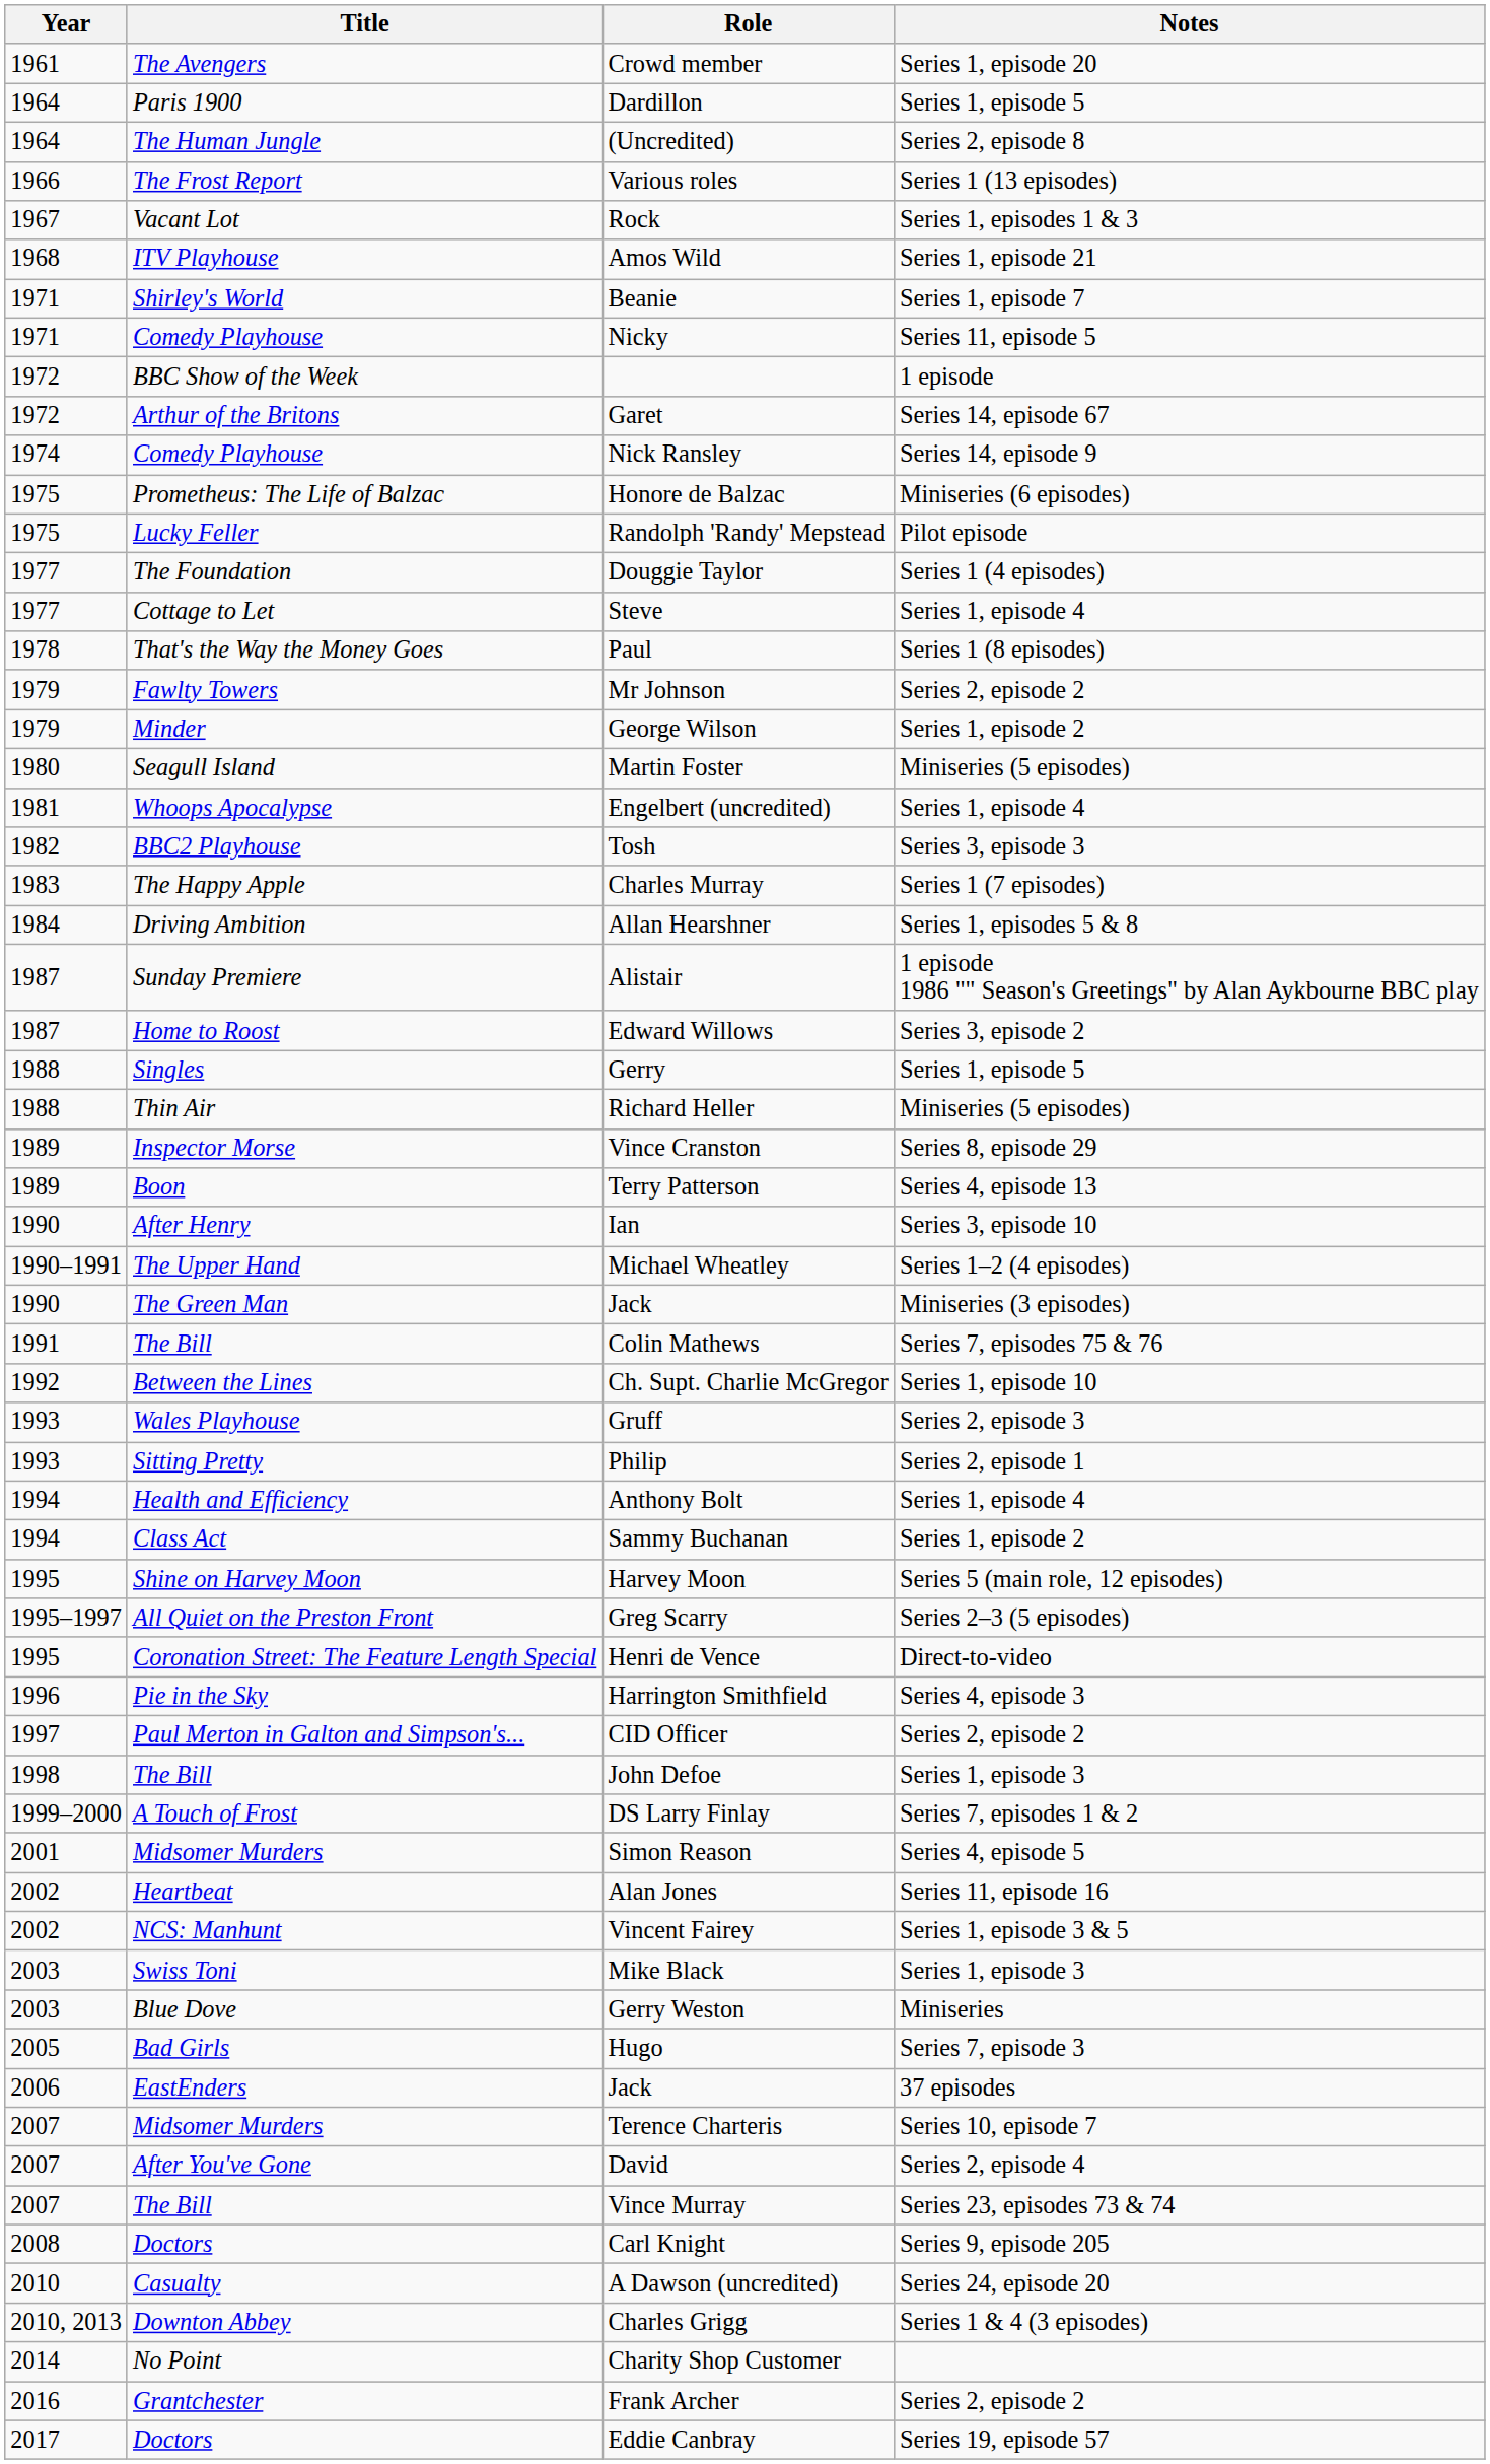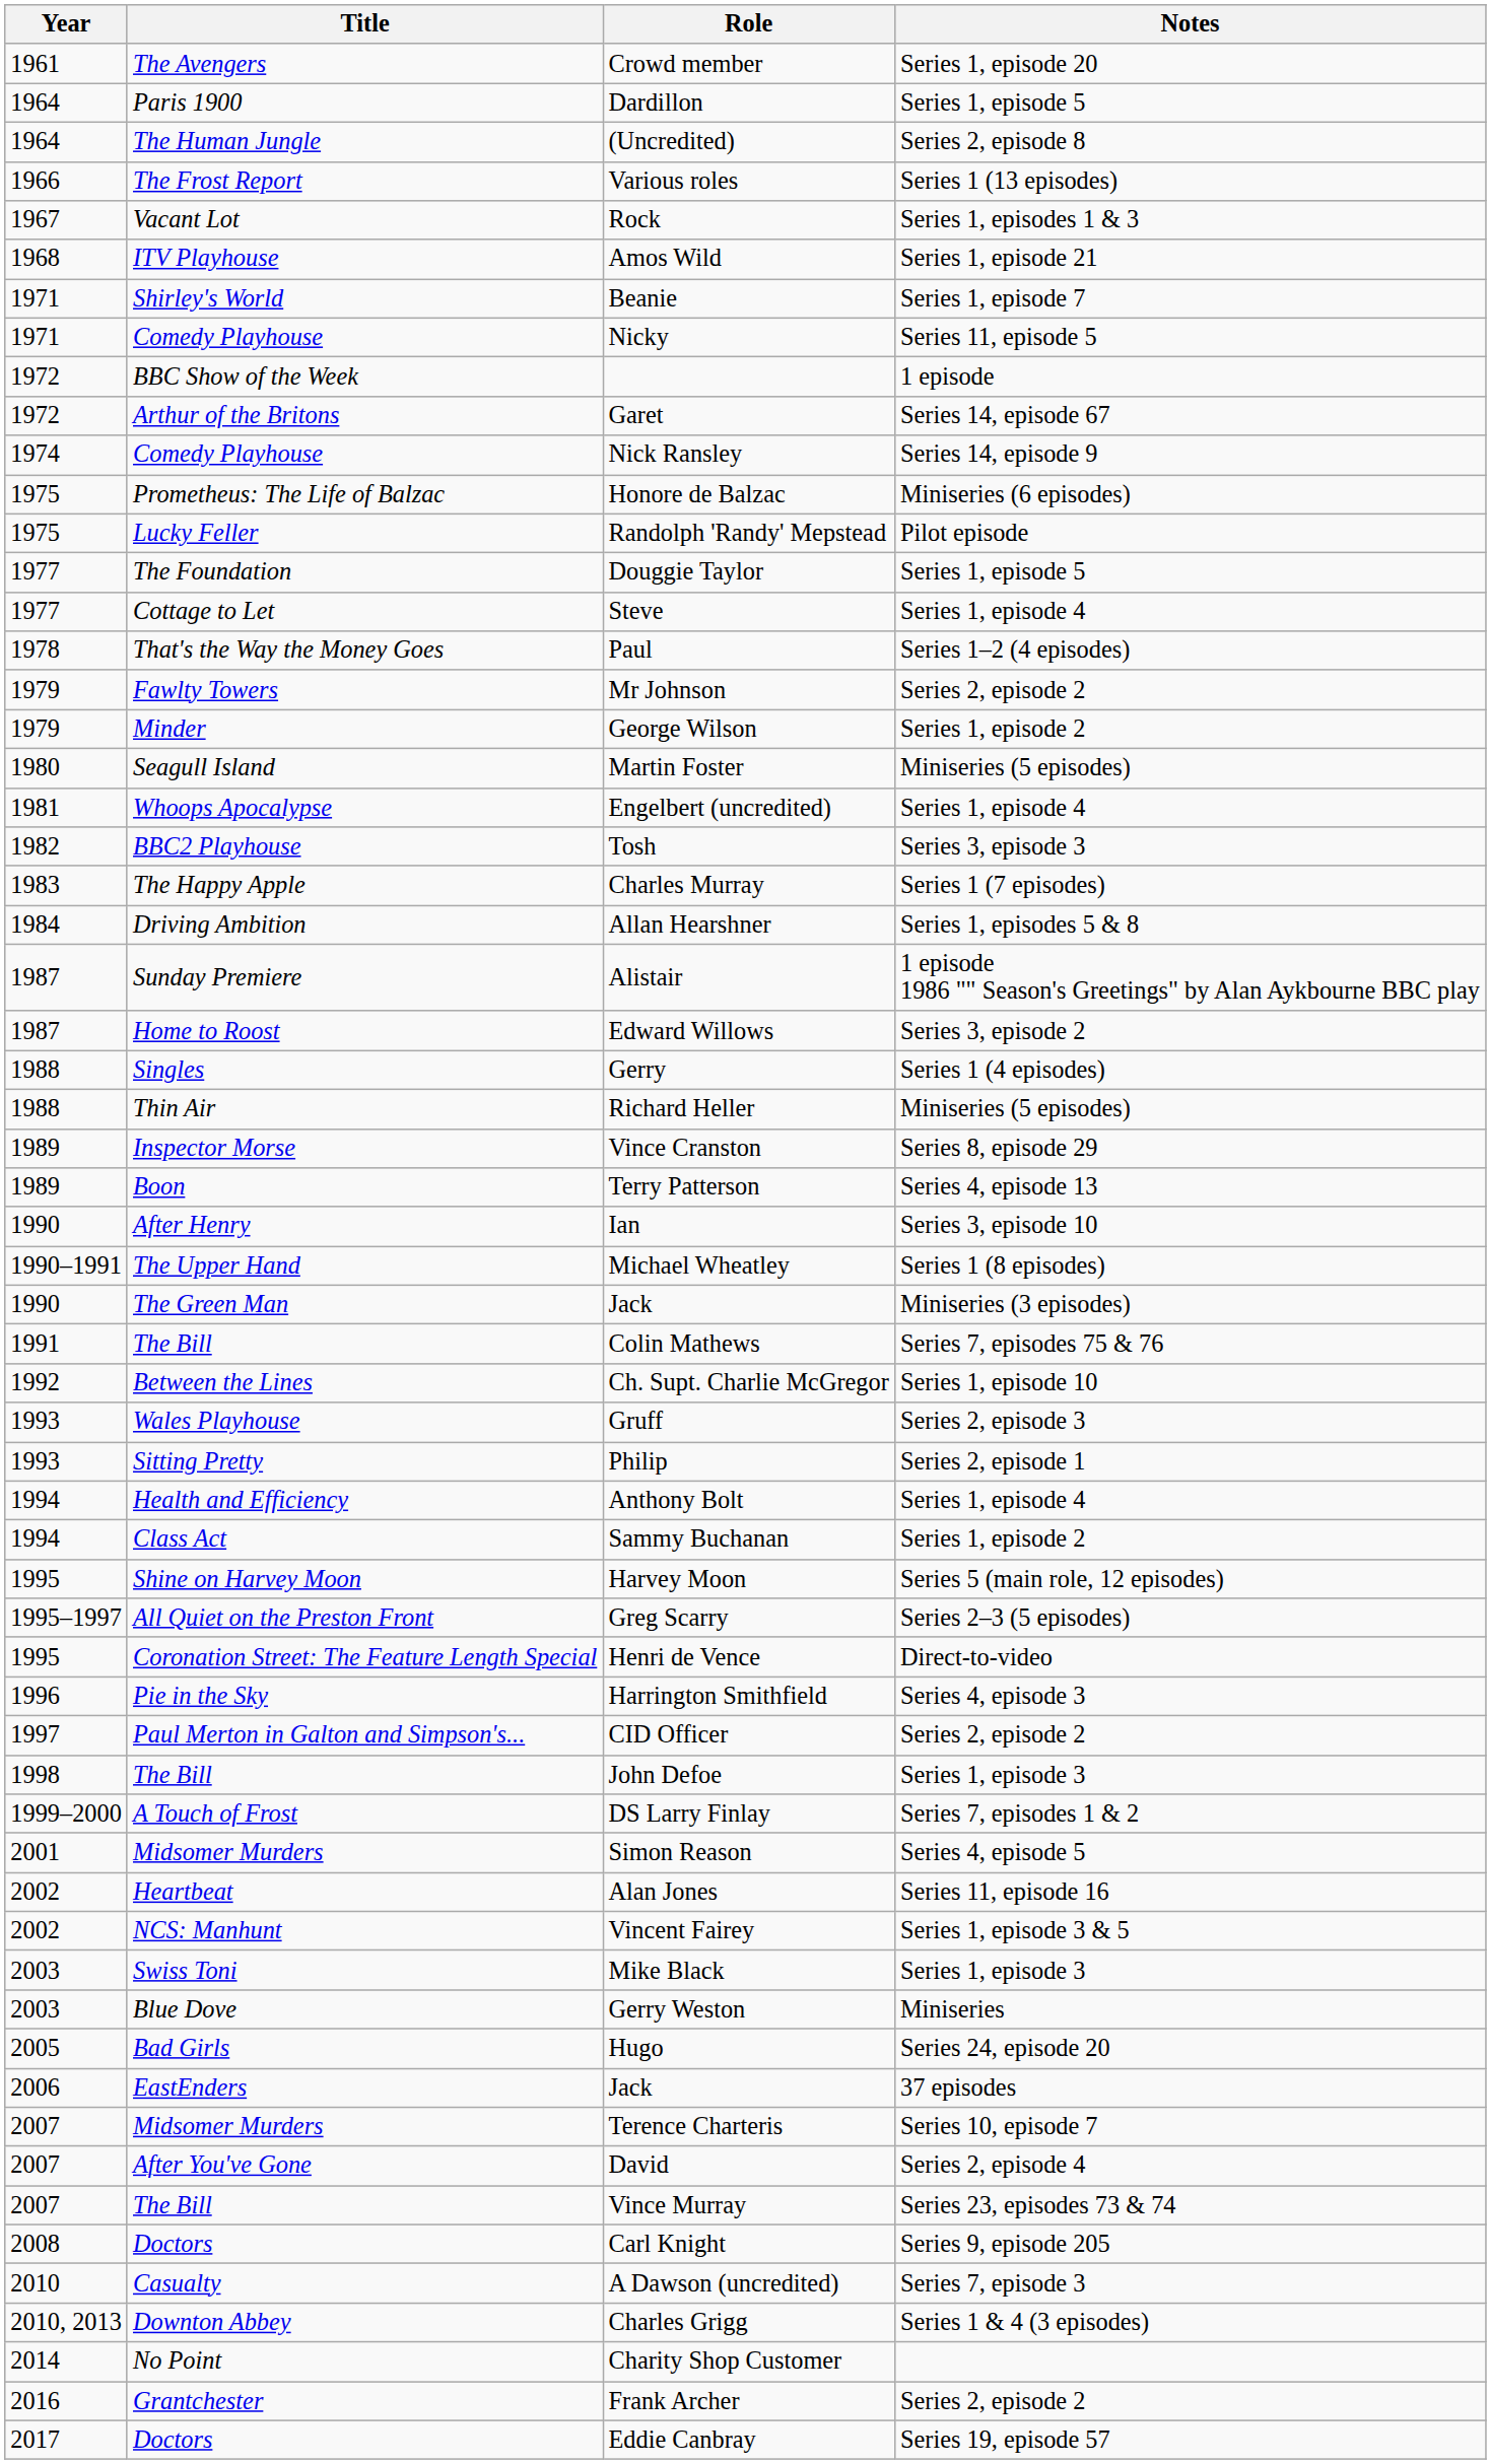 <table class="wikitable">
 <tr>
 <th>Year</th>
 <th>Title</th>
 <th>Role</th>
 <th>Notes</th>
 </tr>
 <tr>
 <td>1961</td>
 <td><em><a href='#'>The Avengers</a></em></td>
 <td>Crowd member</td>
 <td>Series 1, episode 20</td>
 </tr>
 <tr>
 <td>1964</td>
 <td><em>Paris 1900</em></td>
 <td>Dardillon</td>
 <td>Series 1, episode 5</td>
 </tr>
 <tr>
 <td>1964</td>
 <td><em><a href='#'>The Human Jungle</a></em></td>
 <td>(Uncredited)</td>
 <td>Series 2, episode 8</td>
 </tr>
 <tr>
 <td>1966</td>
 <td><em><a href='#'>The Frost Report</a></em></td>
 <td>Various roles</td>
 <td>Series 1 (13 episodes)</td>
 </tr>
 <tr>
 <td>1967</td>
 <td><em>Vacant Lot</em></td>
 <td>Rock</td>
 <td>Series 1, episodes 1 & 3</td>
 </tr>
 <tr>
 <td>1968</td>
 <td><em><a href='#'>ITV Playhouse</a></em></td>
 <td>Amos Wild</td>
 <td>Series 1, episode 21</td>
 </tr>
 <tr>
 <td>1971</td>
 <td><em><a href='#'>Shirley's World</a></em></td>
 <td>Beanie</td>
 <td>Series 1, episode 7</td>
 </tr>
 <tr>
 <td>1971</td>
 <td><em><a href='#'>Comedy Playhouse</a></em></td>
 <td>Nicky</td>
 <td>Series 11, episode 5</td>
 </tr>
 <tr>
 <td>1972</td>
 <td><em>BBC Show of the Week</em></td>
 <td></td>
 <td>1 episode</td>
 </tr>
 <tr>
 <td>1972</td>
 <td><em><a href='#'>Arthur of the Britons</a></em></td>
 <td>Garet</td>
 <td>Series 14, episode 67</td>
 </tr>
 <tr>
 <td>1974</td>
 <td><em><a href='#'>Comedy Playhouse</a></em></td>
 <td>Nick Ransley</td>
 <td>Series 14, episode 9</td>
 </tr>
 <tr>
 <td>1975</td>
 <td><em>Prometheus: The Life of Balzac</em></td>
 <td>Honore de Balzac</td>
 <td>Miniseries (6 episodes)</td>
 </tr>
 <tr>
 <td>1975</td>
 <td><em><a href='#'>Lucky Feller</a></em></td>
 <td>Randolph 'Randy' Mepstead</td>
 <td>Pilot episode</td>
 </tr>
 <tr>
 <td>1977</td>
 <td><em>The Foundation</em></td>
 <td>Douggie Taylor</td>
-<td>Series 1 (4 episodes)</td>
+<td>Series 1, episode 5</td>
 </tr>
 <tr>
 <td>1977</td>
 <td><em>Cottage to Let</em></td>
 <td>Steve</td>
 <td>Series 1, episode 4</td>
 </tr>
 <tr>
 <td>1978</td>
 <td><em>That's the Way the Money Goes</em></td>
 <td>Paul</td>
-<td>Series 1 (8 episodes)</td>
+<td>Series 1–2 (4 episodes)</td>
 </tr>
 <tr>
 <td>1979</td>
 <td><em><a href='#'>Fawlty Towers</a></em></td>
 <td>Mr Johnson</td>
 <td>Series 2, episode 2</td>
 </tr>
 <tr>
 <td>1979</td>
 <td><em><a href='#'>Minder</a></em></td>
 <td>George Wilson</td>
 <td>Series 1, episode 2</td>
 </tr>
 <tr>
 <td>1980</td>
 <td><em>Seagull Island</em></td>
 <td>Martin Foster</td>
 <td>Miniseries (5 episodes)</td>
 </tr>
 <tr>
 <td>1981</td>
 <td><em><a href='#'>Whoops Apocalypse</a></em></td>
 <td>Engelbert (uncredited)</td>
 <td>Series 1, episode 4</td>
 </tr>
 <tr>
 <td>1982</td>
 <td><em><a href='#'>BBC2 Playhouse</a></em></td>
 <td>Tosh</td>
 <td>Series 3, episode 3</td>
 </tr>
 <tr>
 <td>1983</td>
 <td><em>The Happy Apple</em></td>
 <td>Charles Murray</td>
 <td>Series 1 (7 episodes)</td>
 </tr>
 <tr>
 <td>1984</td>
 <td><em>Driving Ambition</em></td>
 <td>Allan Hearshner</td>
 <td>Series 1, episodes 5 & 8</td>
 </tr>
 <tr>
 <td>1987</td>
 <td><em>Sunday Premiere</em></td>
 <td>Alistair</td>
 <td>1 episode<br>1986 "" Season's Greetings" by Alan Aykbourne BBC play</td>
 </tr>
 <tr>
 <td>1987</td>
 <td><em><a href='#'>Home to Roost</a></em></td>
 <td>Edward Willows</td>
 <td>Series 3, episode 2</td>
 </tr>
 <tr>
 <td>1988</td>
 <td><em><a href='#'>Singles</a></em></td>
 <td>Gerry</td>
-<td>Series 1, episode 5</td>
+<td>Series 1 (4 episodes)</td>
 </tr>
 <tr>
 <td>1988</td>
 <td><em>Thin Air</em></td>
 <td>Richard Heller</td>
 <td>Miniseries (5 episodes)</td>
 </tr>
 <tr>
 <td>1989</td>
 <td><em><a href='#'>Inspector Morse</a></em></td>
 <td>Vince Cranston</td>
 <td>Series 8, episode 29</td>
 </tr>
 <tr>
 <td>1989</td>
 <td><em><a href='#'>Boon</a></em></td>
 <td>Terry Patterson</td>
 <td>Series 4, episode 13</td>
 </tr>
 <tr>
 <td>1990</td>
 <td><em><a href='#'>After Henry</a></em></td>
 <td>Ian</td>
 <td>Series 3, episode 10</td>
 </tr>
 <tr>
 <td>1990–1991</td>
 <td><em><a href='#'>The Upper Hand</a></em></td>
 <td>Michael Wheatley</td>
-<td>Series 1–2 (4 episodes)</td>
+<td>Series 1 (8 episodes)</td>
 </tr>
 <tr>
 <td>1990</td>
 <td><em><a href='#'>The Green Man</a></em></td>
 <td>Jack</td>
 <td>Miniseries (3 episodes)</td>
 </tr>
 <tr>
 <td>1991</td>
 <td><em><a href='#'>The Bill</a></em></td>
 <td>Colin Mathews</td>
 <td>Series 7, episodes 75 & 76</td>
 </tr>
 <tr>
 <td>1992</td>
 <td><em><a href='#'>Between the Lines</a></em></td>
 <td>Ch. Supt. Charlie McGregor</td>
 <td>Series 1, episode 10</td>
 </tr>
 <tr>
 <td>1993</td>
 <td><em><a href='#'>Wales Playhouse</a></em></td>
 <td>Gruff</td>
 <td>Series 2, episode 3</td>
 </tr>
 <tr>
 <td>1993</td>
 <td><em> <a href='#'>Sitting Pretty</a></em></td>
 <td>Philip</td>
 <td>Series 2, episode 1</td>
 </tr>
 <tr>
 <td>1994</td>
 <td><em> <a href='#'>Health and Efficiency</a></em></td>
 <td>Anthony Bolt</td>
 <td>Series 1, episode 4</td>
 </tr>
 <tr>
 <td>1994</td>
 <td><em><a href='#'>Class Act</a></em></td>
 <td>Sammy Buchanan</td>
 <td>Series 1, episode 2</td>
 </tr>
 <tr>
 <td>1995</td>
 <td><em><a href='#'>Shine on Harvey Moon</a></em></td>
 <td>Harvey Moon</td>
 <td>Series 5 (main role, 12 episodes)</td>
 </tr>
 <tr>
 <td>1995–1997</td>
 <td><em><a href='#'>All Quiet on the Preston Front</a></em></td>
 <td>Greg Scarry</td>
 <td>Series 2–3 (5 episodes)</td>
 </tr>
 <tr>
 <td>1995</td>
 <td><em><a href='#'>Coronation Street: The Feature Length Special</a></em></td>
 <td>Henri de Vence</td>
 <td>Direct-to-video</td>
 </tr>
 <tr>
 <td>1996</td>
 <td><em><a href='#'>Pie in the Sky</a></em></td>
 <td>Harrington Smithfield</td>
 <td>Series 4, episode 3</td>
 </tr>
 <tr>
 <td>1997</td>
 <td><em><a href='#'>Paul Merton in Galton and Simpson's...</a></em></td>
 <td>CID Officer</td>
 <td>Series 2, episode 2</td>
 </tr>
 <tr>
 <td>1998</td>
 <td><em><a href='#'>The Bill</a></em></td>
 <td>John Defoe</td>
 <td>Series 1, episode 3</td>
 </tr>
 <tr>
 <td>1999–2000</td>
 <td><em><a href='#'>A Touch of Frost</a></em></td>
 <td>DS Larry Finlay</td>
 <td>Series 7, episodes 1 & 2</td>
 </tr>
 <tr>
 <td>2001</td>
 <td><em><a href='#'>Midsomer Murders</a></em></td>
 <td>Simon Reason</td>
 <td>Series 4, episode 5</td>
 </tr>
 <tr>
 <td>2002</td>
 <td><em><a href='#'>Heartbeat</a></em></td>
 <td>Alan Jones</td>
 <td>Series 11, episode 16</td>
 </tr>
 <tr>
 <td>2002</td>
 <td><em><a href='#'>NCS: Manhunt</a></em></td>
 <td>Vincent Fairey</td>
 <td>Series 1, episode 3 & 5</td>
 </tr>
 <tr>
 <td>2003</td>
 <td><em><a href='#'>Swiss Toni</a></em></td>
 <td>Mike Black</td>
 <td>Series 1, episode 3</td>
 </tr>
 <tr>
 <td>2003</td>
 <td><em>Blue Dove</em></td>
 <td>Gerry Weston</td>
 <td>Miniseries</td>
 </tr>
 <tr>
 <td>2005</td>
 <td><em><a href='#'>Bad Girls</a></em></td>
 <td>Hugo</td>
-<td>Series 7, episode 3</td>
+<td>Series 24, episode 20</td>
 </tr>
 <tr>
 <td>2006</td>
 <td><em><a href='#'>EastEnders</a></em></td>
 <td>Jack</td>
 <td>37 episodes</td>
 </tr>
 <tr>
 <td>2007</td>
 <td><em><a href='#'>Midsomer Murders</a></em></td>
 <td>Terence Charteris</td>
 <td>Series 10, episode 7</td>
 </tr>
 <tr>
 <td>2007</td>
 <td><em><a href='#'>After You've Gone</a></em></td>
 <td>David</td>
 <td>Series 2, episode 4</td>
 </tr>
 <tr>
 <td>2007</td>
 <td><em><a href='#'>The Bill</a></em></td>
 <td>Vince Murray</td>
 <td>Series 23, episodes 73 & 74</td>
 </tr>
 <tr>
 <td>2008</td>
 <td><em><a href='#'>Doctors</a></em></td>
 <td>Carl Knight</td>
 <td>Series 9, episode 205</td>
 </tr>
 <tr>
 <td>2010</td>
 <td><em><a href='#'>Casualty</a></em></td>
 <td>A Dawson (uncredited)</td>
-<td>Series 24, episode 20</td>
+<td>Series 7, episode 3</td>
 </tr>
 <tr>
 <td>2010, 2013</td>
 <td><em><a href='#'>Downton Abbey</a></em></td>
 <td>Charles Grigg</td>
 <td>Series 1 & 4 (3 episodes)</td>
 </tr>
 <tr>
 <td>2014</td>
 <td><em>No Point</em></td>
 <td>Charity Shop Customer</td>
 <td></td>
 </tr>
 <tr>
 <td>2016</td>
 <td><em><a href='#'>Grantchester</a></em></td>
 <td>Frank Archer</td>
 <td>Series 2, episode 2</td>
 </tr>
 <tr>
 <td>2017</td>
 <td><em><a href='#'>Doctors</a></em></td>
 <td>Eddie Canbray</td>
 <td>Series 19, episode 57</td>
 </tr>
 </table>
